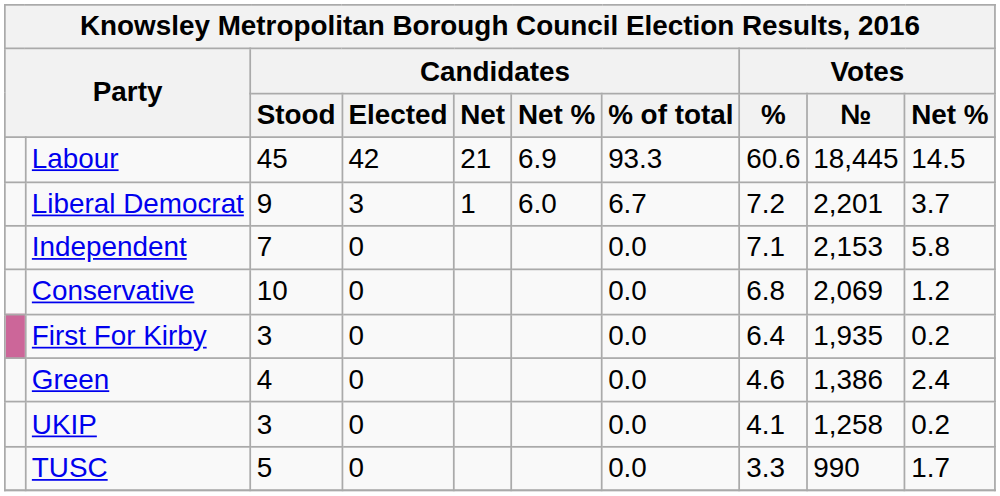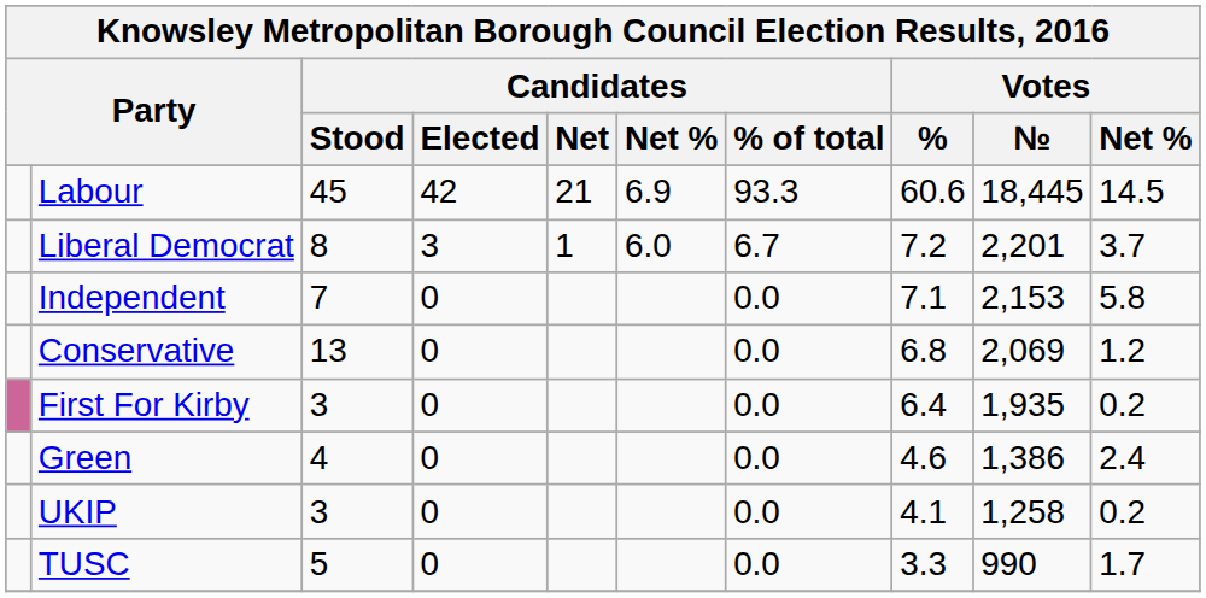 <table class="wikitable">
 <tr>
 <th style="background:#F2F2F2" colspan=10><strong>Knowsley Metropolitan Borough Council Election Results, 2016</strong></th>
 </tr>
 <tr>
 <th colspan=2 rowspan=2>Party</th>
 <th colspan=5>Candidates</th>
 <th colspan=3>Votes</th>
 </tr>
 <tr>
 <th>Stood</th>
 <th>Elected</th>
 <th>Net</th>
 <th>Net %</th>
 <th>% of total</th>
 <th>%</th>
 <th>№</th>
 <th>Net %</th>
 </tr>
 <tr>
 <td style="background: "> </td>
 <td><a href='#'>Labour</a></td>
 <td>45</td>
 <td>42</td>
 <td>21</td>
 <td>6.9</td>
 <td>93.3</td>
 <td>60.6</td>
 <td>18,445</td>
 <td>14.5</td>
 </tr>
 <tr>
 <td style="background: "> </td>
 <td><a href='#'>Liberal Democrat</a></td>
-<td>9</td>
+<td>8</td>
 <td>3</td>
 <td>1</td>
 <td>6.0</td>
 <td>6.7</td>
 <td>7.2</td>
 <td>2,201</td>
 <td>3.7</td>
 </tr>
 <tr>
 <td style="background: "> </td>
 <td><a href='#'>Independent</a></td>
 <td>7</td>
 <td>0</td>
 <td></td>
 <td></td>
 <td>0.0</td>
 <td>7.1</td>
 <td>2,153</td>
 <td>5.8</td>
 </tr>
 <tr>
 <td style="background: "> </td>
 <td><a href='#'>Conservative</a></td>
-<td>10</td>
+<td>13</td>
 <td>0</td>
 <td></td>
 <td></td>
 <td>0.0</td>
 <td>6.8</td>
 <td>2,069</td>
 <td>1.2</td>
 </tr>
 <tr>
 <td style="background: #CC6699"> </td>
 <td><a href='#'>First For Kirby</a></td>
 <td>3</td>
 <td>0</td>
 <td></td>
 <td></td>
 <td>0.0</td>
 <td>6.4</td>
 <td>1,935</td>
 <td>0.2</td>
 </tr>
 <tr>
 <td style="background: "> </td>
 <td><a href='#'>Green</a></td>
 <td>4</td>
 <td>0</td>
 <td></td>
 <td></td>
 <td>0.0</td>
 <td>4.6</td>
 <td>1,386</td>
 <td>2.4</td>
 </tr>
 <tr>
 <td style="background: "> </td>
 <td><a href='#'>UKIP</a></td>
 <td>3</td>
 <td>0</td>
 <td></td>
 <td></td>
 <td>0.0</td>
 <td>4.1</td>
 <td>1,258</td>
 <td>0.2</td>
 </tr>
 <tr>
 <td style="background: "> </td>
 <td><a href='#'>TUSC</a></td>
 <td>5</td>
 <td>0</td>
 <td></td>
 <td></td>
 <td>0.0</td>
 <td>3.3</td>
 <td>990</td>
 <td>1.7</td>
 </tr>
 <tr>
 </tr>
 </table>
